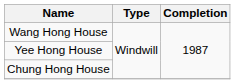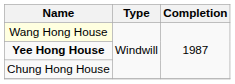 <table class="wikitable" style="text-align: center">
 <tr>
 <th>Name</th>
 <th>Type</th>
 <th>Completion</th>
 </tr>
 <tr>
-<td>Wang Hong House</td>
+<td style="background: lightyellow;">Wang Hong House</td>
 <td rowspan="3">Windwill</td>
 <td rowspan="3">1987</td>
 </tr>
 <tr>
-<td>Yee Hong House</td>
+<td><strong>Yee Hong House</strong></td>
 </tr>
 <tr>
 <td>Chung Hong House</td>
 </tr>
 <tr>
 </tr>
 </table>
